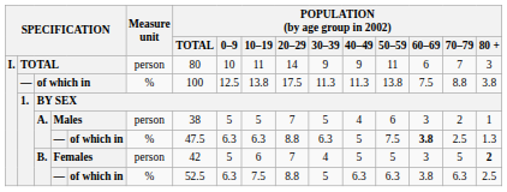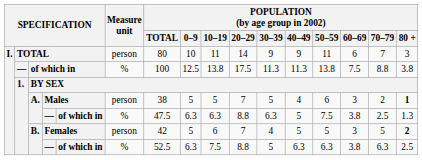 <table class="wikitable" style="font-size:85%; text-align:center">
 <tr>
 <th rowspan="2" colspan="5">SPECIFICATION</th>
 <th rowspan="2">Measure<br> unit</th>
 <th colspan="10" rowspan="1">POPULATION<br> (by age group in 2002)</th>
 </tr>
 <tr>
 <th>TOTAL</th>
 <th>0–9</th>
 <th>10–19</th>
 <th>20–29</th>
 <th>30–39</th>
 <th>40–49</th>
 <th>50–59</th>
 <th>60–69</th>
 <th>70–79</th>
 <th>80 +</th>
 </tr>
 <tr>
 <th style="text-align:left" valign="top" rowspan="7">I.</th>
 <th style="text-align:left" colspan="4">TOTAL</th>
 <td>person</td>
 <td>80</td>
 <td>10</td>
 <td>11</td>
 <td>14</td>
 <td>9</td>
 <td>9</td>
 <td>11</td>
 <td>6</td>
 <td>7</td>
 <td>3</td>
 </tr>
 <tr>
 <th style="text-align:left" valign="top">—</th>
 <th style="text-align:left" colspan="3">of which in</th>
 <td>%</td>
 <td>100</td>
 <td>12.5</td>
 <td>13.8</td>
 <td>17.5</td>
 <td>11.3</td>
 <td>11.3</td>
 <td>13.8</td>
 <td>7.5</td>
 <td>8.8</td>
 <td>3.8</td>
 </tr>
 <tr>
 <th style="text-align:left" valign="top" rowspan="5">1.</th>
 <th style="text-align:left" colspan="14">BY SEX</th>
 </tr>
 <tr>
 <th style="text-align:left" valign="top" rowspan="2">A.</th>
 <th style="text-align:left" colspan="2">Males</th>
 <td>person</td>
 <td>38</td>
 <td>5</td>
 <td>5</td>
 <td>7</td>
 <td>5</td>
 <td>4</td>
 <td>6</td>
 <td>3</td>
 <td>2</td>
-<td>1</td>
+<td><strong>1</strong></td>
 </tr>
 <tr>
 <th style="text-align:left" valign="top">—</th>
 <th style="text-align:left" colspan="1">of which in</th>
 <td>%</td>
 <td>47.5</td>
 <td>6.3</td>
 <td>6.3</td>
 <td>8.8</td>
 <td>6.3</td>
 <td>5</td>
 <td>7.5</td>
-<td><strong>3.8</strong></td>
+<td>3.8</td>
 <td>2.5</td>
 <td>1.3</td>
 </tr>
 <tr>
 <th style="text-align:left" valign="top" rowspan="2">B.</th>
 <th style="text-align:left" colspan="2">Females</th>
 <td>person</td>
 <td>42</td>
 <td>5</td>
 <td>6</td>
 <td>7</td>
 <td>4</td>
 <td>5</td>
 <td>5</td>
 <td>3</td>
 <td>5</td>
 <td><strong>2</strong></td>
 </tr>
 <tr>
 <th style="text-align:left" valign="top">—</th>
 <th style="text-align:left" colspan="1">of which in</th>
 <td>%</td>
 <td>52.5</td>
 <td>6.3</td>
 <td>7.5</td>
 <td>8.8</td>
 <td>5</td>
 <td>6.3</td>
 <td>6.3</td>
 <td>3.8</td>
 <td>6.3</td>
 <td>2.5</td>
 </tr>
 </table>
